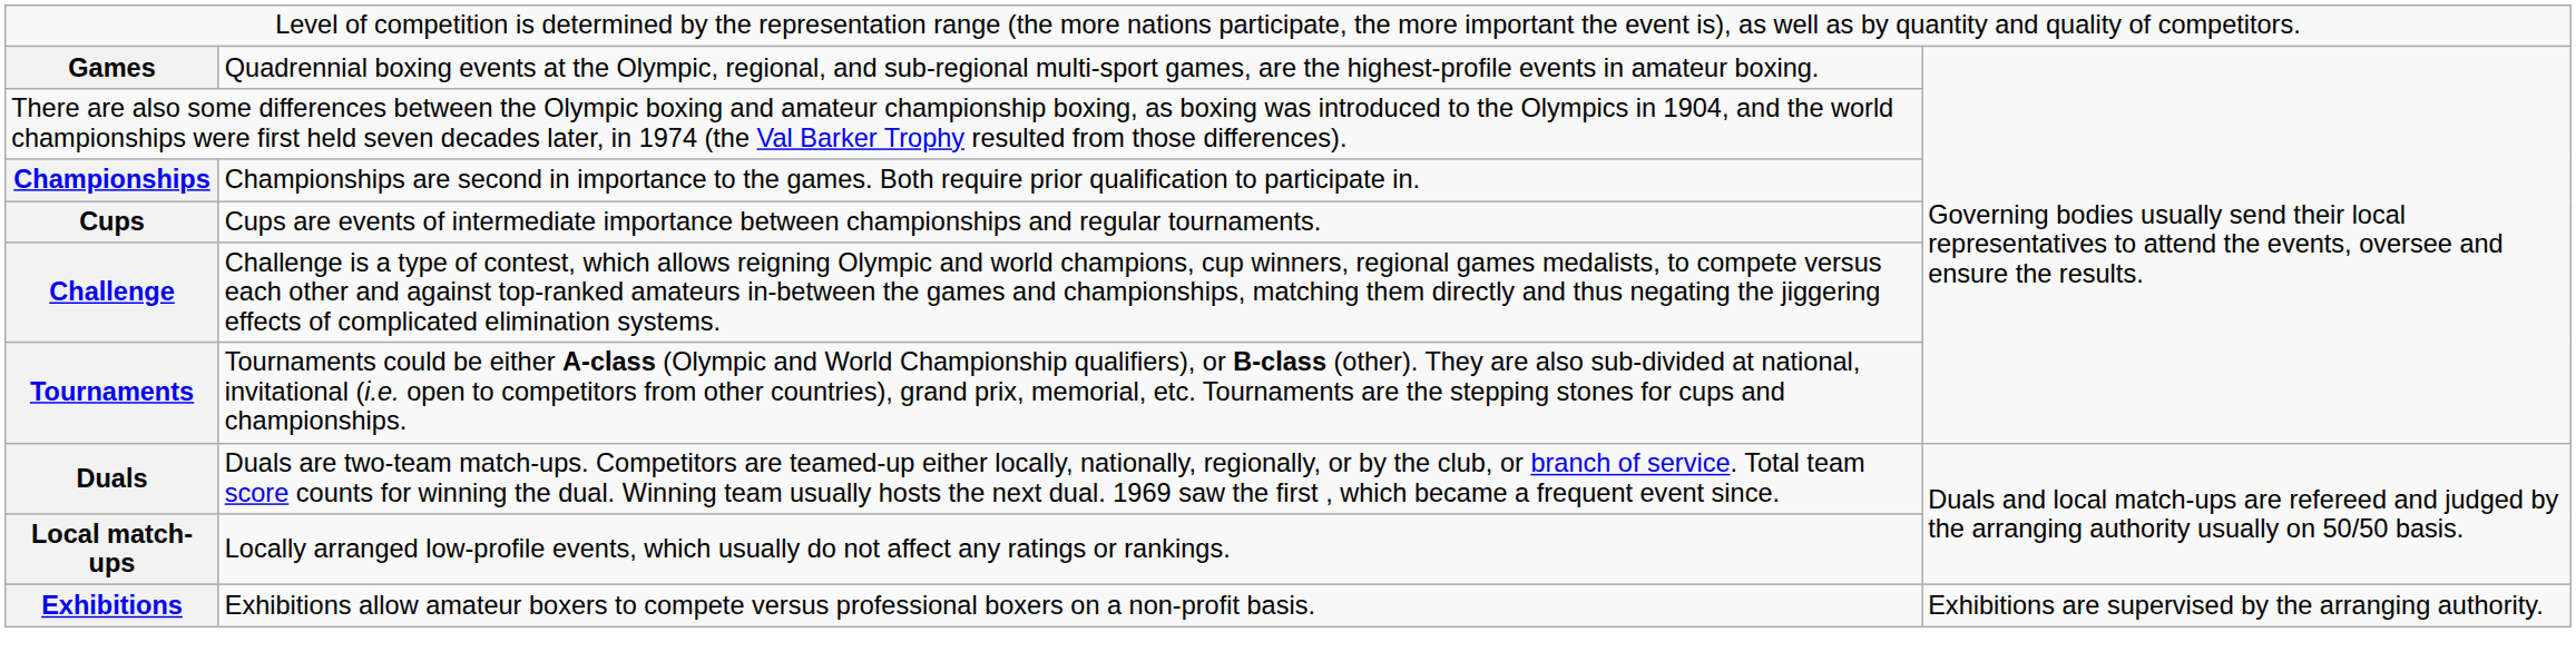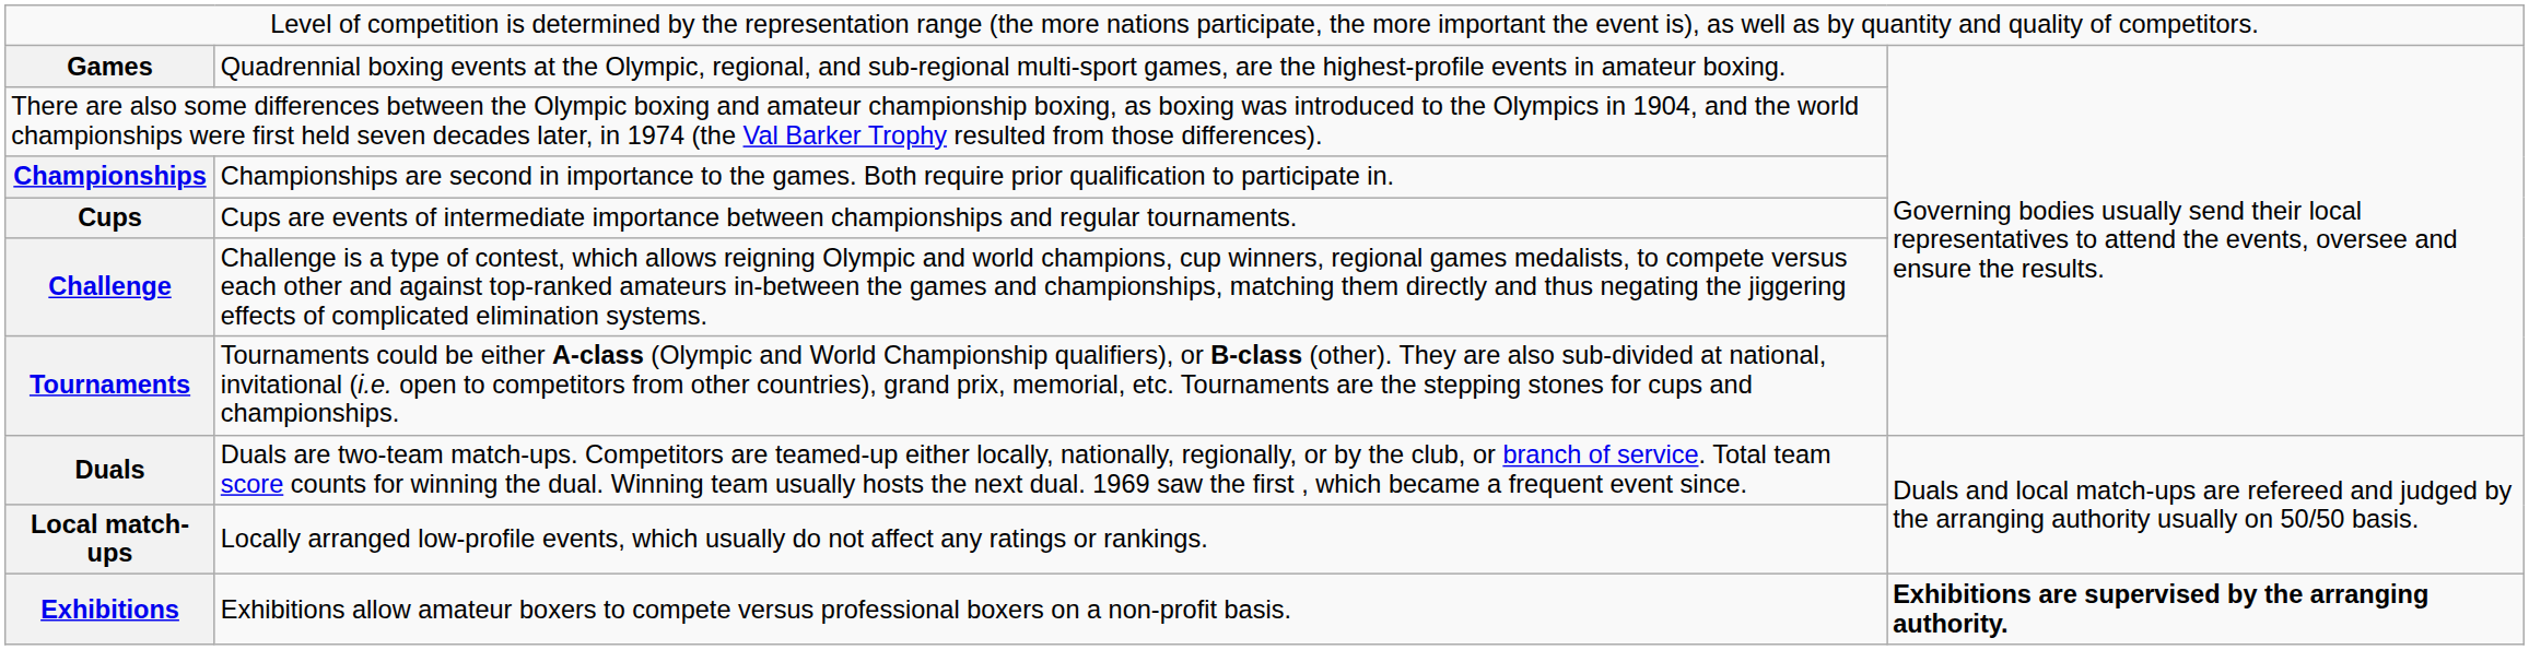 <table class=wikitable>
 <tr>
 <td colspan=3 align=center>Level of competition is determined by the representation range (the more nations participate, the more important the event is), as well as by quantity and quality of competitors.</td>
 </tr>
 <tr>
 <th>Games</th>
 <td>Quadrennial boxing events at the Olympic, regional, and sub-regional multi-sport games, are the highest-profile events in amateur boxing.</td>
 <td rowspan=6>Governing bodies usually send their local representatives to attend the events, oversee and ensure the results.</td>
 </tr>
 <tr>
 <td colspan=2>There are also some differences between the Olympic boxing and amateur championship boxing, as boxing was introduced to the Olympics in 1904, and the world championships were first held seven decades later, in 1974 (the <a href='#'>Val Barker Trophy</a> resulted from those differences).</td>
 </tr>
 <tr>
 <th><a href='#'>Championships</a></th>
 <td>Championships are second in importance to the games. Both require prior qualification to participate in.</td>
 </tr>
 <tr>
 <th>Cups</th>
 <td>Cups are events of intermediate importance between championships and regular tournaments.</td>
 </tr>
 <tr>
 <th><a href='#'>Challenge</a></th>
 <td>Challenge is a type of contest, which allows reigning Olympic and world champions, cup winners, regional games medalists, to compete versus each other and against top-ranked amateurs in-between the games and championships, matching them directly and thus negating the jiggering effects of complicated elimination systems.</td>
 </tr>
 <tr>
 <th><a href='#'>Tournaments</a></th>
 <td>Tournaments could be either <strong>A-class</strong> (Olympic and World Championship qualifiers), or <strong>B-class</strong> (other). They are also sub-divided at national, invitational (<em>i.e.</em> open to competitors from other countries), grand prix, memorial, etc. Tournaments are the stepping stones for cups and championships.</td>
 </tr>
 <tr>
 <th>Duals</th>
 <td>Duals are two-team match-ups. Competitors are teamed-up either locally, nationally, regionally, or by the club, or <a href='#'>branch of service</a>. Total team <a href='#'>score</a> counts for winning the dual. Winning team usually hosts the next dual. 1969 saw the first , which became a frequent event since.</td>
 <td rowspan=2>Duals and local match-ups are refereed and judged by the arranging authority usually on 50/50 basis.</td>
 </tr>
 <tr>
 <th>Local match-ups</th>
 <td>Locally arranged low-profile events, which usually do not affect any ratings or rankings.</td>
 </tr>
 <tr>
 <th><a href='#'>Exhibitions</a></th>
 <td>Exhibitions allow amateur boxers to compete versus professional boxers on a non-profit basis.</td>
-<td>Exhibitions are supervised by the arranging authority.</td>
+<td><strong>Exhibitions are supervised by the arranging authority.</strong></td>
 </tr>
 </table>
